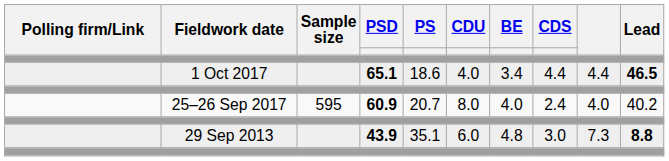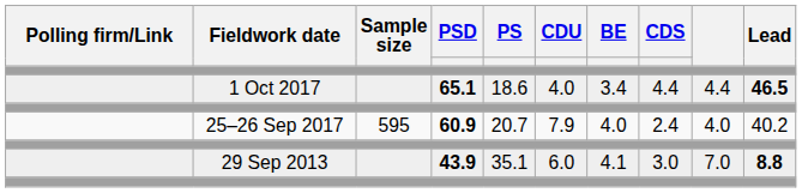 <table class="wikitable collapsible sortable" style="text-align:center; font-size:95%; line-height:16px;">
 <tr style="height:42px;">
 <th style="width:145px;" rowspan="2">Polling firm/Link</th>
 <th style="width:125px;" rowspan="2">Fieldwork date</th>
 <th class="unsortable" style="width:50px;" rowspan="2">Sample size</th>
 <th class="unsortable" style="width:35px;"><a href='#'>PSD</a></th>
 <th class="unsortable" style="width:35px;"><a href='#'>PS</a></th>
 <th class="unsortable" style="width:35px;"><a href='#'>CDU</a></th>
 <th class="unsortable" style="width:35px;"><a href='#'>BE</a></th>
 <th class="unsortable" style="width:35px;"><a href='#'>CDS</a></th>
 <th class="unsortable" style="width:35px;" rowspan="2"></th>
 <th class="unsortable" style="width:30px;" rowspan="2">Lead</th>
 </tr>
 <tr>
 <th class="unsortable" style="color:inherit;background:"></th>
 <th class="unsortable" style="color:inherit;background:"></th>
 <th class="unsortable" style="color:inherit;background:"></th>
 <th class="unsortable" style="color:inherit;background:"></th>
 <th class="unsortable" style="color:inherit;background:"></th>
 </tr>
 <tr>
 <td colspan="11" style="background:#A0A0A0"></td>
 </tr>
 <tr style="background:#EFEFEF;">
 <td><strong></strong></td>
 <td data-sort-value="2019-10-06">1 Oct 2017</td>
 <td></td>
 <td><strong>65.1</strong><br></td>
 <td>18.6<br></td>
 <td>4.0<br></td>
 <td>3.4<br></td>
 <td>4.4<br></td>
 <td>4.4</td>
 <td style="background:"><strong>46.5</strong></td>
 </tr>
 <tr>
 <td colspan="11" style="background:#A0A0A0"></td>
 </tr>
 <tr>
 <td align="center"></td>
 <td align="center">25–26 Sep 2017</td>
 <td>595</td>
 <td align="center" ><strong>60.9</strong></td>
 <td align="center">20.7</td>
-<td align="center">8.0</td>
+<td align="center">7.9</td>
 <td align="center">4.0</td>
 <td align="center">2.4</td>
 <td align="center">4.0</td>
 <td style="background:">40.2</td>
 </tr>
 <tr>
 <td colspan="11" style="background:#A0A0A0"></td>
 </tr>
 <tr style="background:#EFEFEF;">
 <td><strong></strong></td>
 <td data-sort-value="2019-10-06">29 Sep 2013</td>
 <td></td>
 <td><strong>43.9</strong><br></td>
 <td>35.1<br></td>
 <td>6.0<br></td>
-<td>4.8<br></td>
+<td>4.1<br></td>
 <td>3.0<br></td>
-<td>7.3</td>
+<td>7.0</td>
 <td style="background:"><strong>8.8</strong></td>
 </tr>
 <tr>
 <td colspan="11" style="background:#A0A0A0"></td>
 </tr>
 </table>
